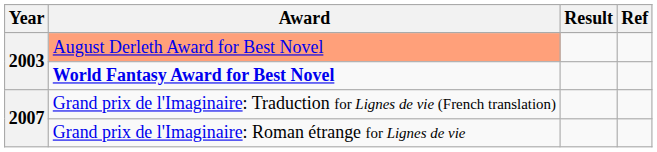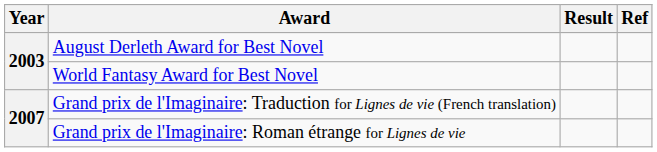 <table class="wikitable sortable">
 <tr>
 <th>Year</th>
 <th>Award</th>
 <th>Result</th>
 <th>Ref</th>
 </tr>
 <tr>
 <th rowspan="2">2003</th>
-<td style="background: lightsalmon;"><a href='#'>August Derleth Award for Best Novel</a></td>
+<td><a href='#'>August Derleth Award for Best Novel</a></td>
 <td></td>
 <td></td>
 </tr>
 <tr>
-<td><strong><a href='#'>World Fantasy Award for Best Novel</a></strong></td>
+<td><a href='#'>World Fantasy Award for Best Novel</a></td>
 <td></td>
 <td></td>
 </tr>
 <tr>
 <th rowspan="2">2007</th>
 <td><a href='#'>Grand prix de l'Imaginaire</a>: Traduction <small>for <em>Lignes de vie</em> (French translation)</small></td>
 <td></td>
 <td></td>
 </tr>
 <tr>
 <td><a href='#'>Grand prix de l'Imaginaire</a>: Roman étrange <small>for <em>Lignes de vie</em></small></td>
 <td></td>
 <td></td>
 </tr>
 </table>
